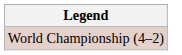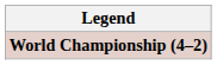 <table class="wikitable">
 <tr>
 <th>Legend</th>
 </tr>
 <tr style="background:#e5d1cb;">
-<td>World Championship (4–2)</td>
+<td><strong>World Championship (4–2)</strong></td>
 </tr>
 </table>
